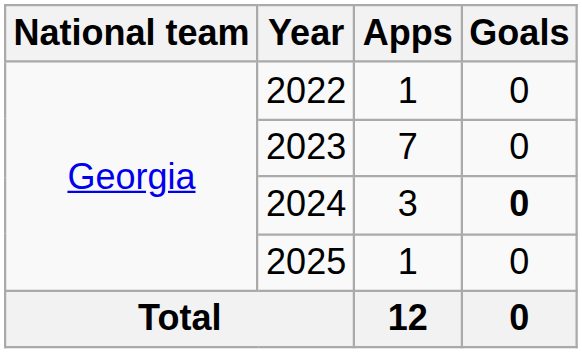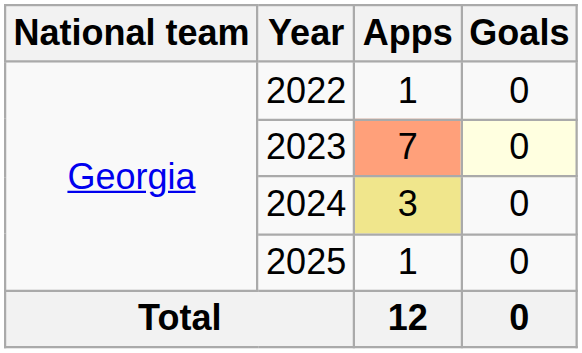 <table class="wikitable" style="text-align:center">
 <tr>
 <th>National team</th>
 <th>Year</th>
 <th>Apps</th>
 <th>Goals</th>
 </tr>
 <tr>
 <td rowspan="4"><a href='#'>Georgia</a></td>
 <td>2022</td>
 <td>1</td>
 <td>0</td>
 </tr>
 <tr>
 <td>2023</td>
-<td>7</td>
-<td>0</td>
+<td style="background: lightsalmon;">7</td>
+<td style="background: lightyellow;">0</td>
 </tr>
 <tr>
 <td>2024</td>
-<td>3</td>
-<td><strong>0</strong></td>
+<td style="background: khaki;">3</td>
+<td>0</td>
 </tr>
 <tr>
 <td>2025</td>
 <td>1</td>
 <td>0</td>
 </tr>
 <tr>
 <th colspan="2">Total</th>
 <th>12</th>
 <th>0</th>
 </tr>
 </table>
